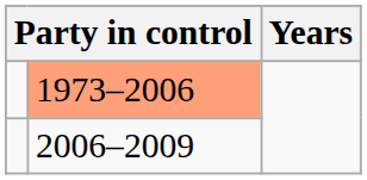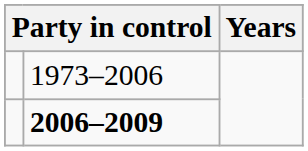 <table class="wikitable">
 <tr>
 <th colspan="2">Party in control</th>
 <th>Years</th>
 </tr>
 <tr>
 <td></td>
-<td style="background: lightsalmon;">1973–2006</td>
+<td>1973–2006</td>
 </tr>
 <tr>
 <td></td>
-<td>2006–2009</td>
+<td><strong>2006–2009</strong></td>
 </tr>
 </table>
